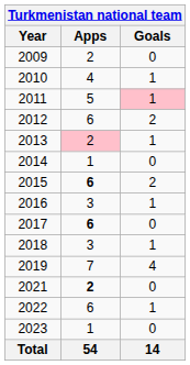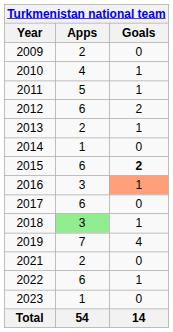 <table class="wikitable" style="text-align:center">
 <tr>
 <th colspan=3><a href='#'>Turkmenistan national team</a></th>
 </tr>
 <tr>
 <th>Year</th>
 <th>Apps</th>
 <th>Goals</th>
 </tr>
 <tr>
 <td>2009</td>
 <td>2</td>
 <td>0</td>
 </tr>
 <tr>
 <td>2010</td>
 <td>4</td>
 <td>1</td>
 </tr>
 <tr>
 <td>2011</td>
 <td>5</td>
-<td style="background: pink;">1</td>
+<td>1</td>
 </tr>
 <tr>
 <td>2012</td>
 <td>6</td>
 <td>2</td>
 </tr>
 <tr>
 <td>2013</td>
-<td style="background: pink;">2</td>
+<td>2</td>
 <td>1</td>
 </tr>
 <tr>
 <td>2014</td>
 <td>1</td>
 <td>0</td>
 </tr>
 <tr>
 <td>2015</td>
-<td><strong>6</strong></td>
-<td>2</td>
+<td>6</td>
+<td><strong>2</strong></td>
 </tr>
 <tr>
 <td>2016</td>
 <td>3</td>
-<td>1</td>
+<td style="background: lightsalmon;">1</td>
 </tr>
 <tr>
 <td>2017</td>
-<td><strong>6</strong></td>
+<td>6</td>
 <td>0</td>
 </tr>
 <tr>
 <td>2018</td>
-<td>3</td>
+<td style="background: lightgreen;">3</td>
 <td>1</td>
 </tr>
 <tr>
 <td>2019</td>
 <td>7</td>
 <td>4</td>
 </tr>
 <tr>
 <td>2021</td>
-<td><strong>2</strong></td>
+<td>2</td>
 <td>0</td>
 </tr>
 <tr>
 <td>2022</td>
 <td>6</td>
 <td>1</td>
 </tr>
 <tr>
 <td>2023</td>
 <td>1</td>
 <td>0</td>
 </tr>
 <tr>
 <th>Total</th>
 <th>54</th>
 <th>14</th>
 </tr>
 </table>
